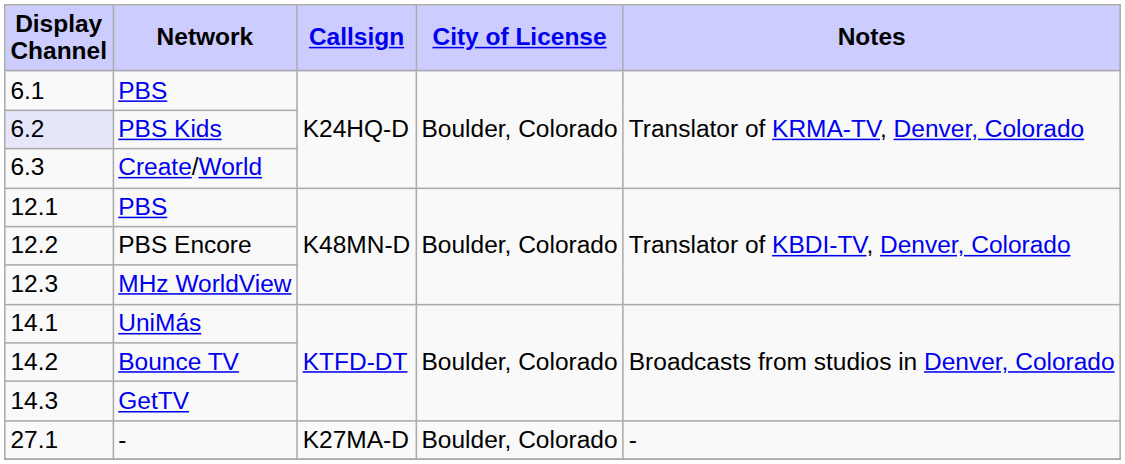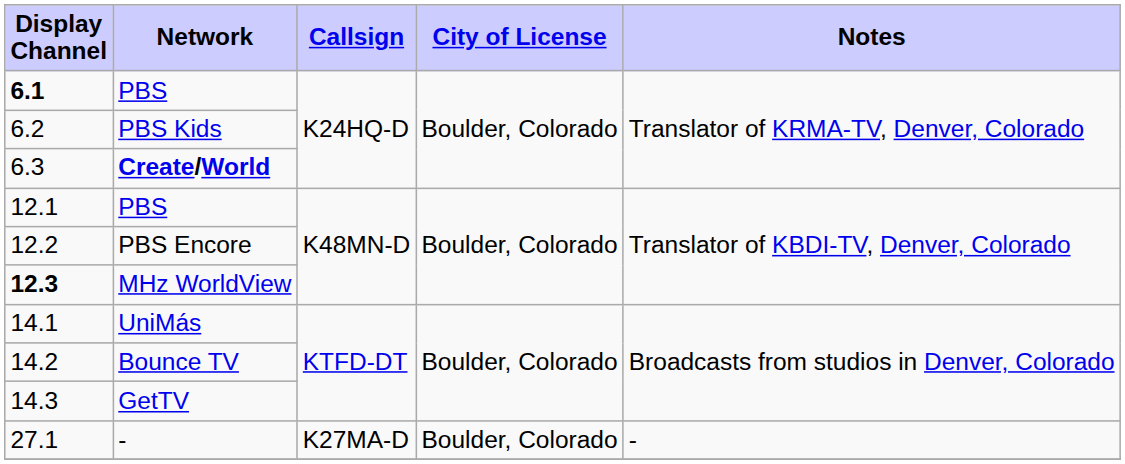 <table class="wikitable" border="1">
 <tr>
 <th style="background:#ccccff;"><strong>Display<br>Channel</strong></th>
 <th style="background:#ccccff;"><strong>Network</strong></th>
 <th style="background:#ccccff;"><strong><a href='#'>Callsign</a></strong></th>
 <th style="background:#ccccff;"><strong><a href='#'>City of License</a></strong></th>
 <th style="background:#ccccff;"><strong>Notes</strong></th>
 </tr>
 <tr>
-<td rowspan=1>6.1</td>
+<td rowspan=1><strong>6.1</strong></td>
 <td rowspan=1><a href='#'>PBS</a></td>
 <td rowspan=3>K24HQ-D</td>
 <td rowspan=3>Boulder, Colorado</td>
 <td rowspan=3>Translator of <a href='#'>KRMA-TV</a>, <a href='#'>Denver, Colorado</a></td>
 </tr>
 <tr>
-<td style="background: lavender;">6.2</td>
+<td>6.2</td>
 <td><a href='#'>PBS Kids</a></td>
 </tr>
 <tr>
 <td>6.3</td>
-<td><a href='#'>Create</a>/<a href='#'>World</a></td>
+<td><strong><a href='#'>Create</a>/<a href='#'>World</a></strong></td>
 </tr>
 <tr>
 <td rowspan=1>12.1</td>
 <td rowspan=1><a href='#'>PBS</a></td>
 <td rowspan=3>K48MN-D</td>
 <td rowspan=3>Boulder, Colorado</td>
 <td rowspan=3>Translator of <a href='#'>KBDI-TV</a>, <a href='#'>Denver, Colorado</a></td>
 </tr>
 <tr>
 <td>12.2</td>
 <td>PBS Encore</td>
 </tr>
 <tr>
-<td>12.3</td>
+<td><strong>12.3</strong></td>
 <td><a href='#'>MHz WorldView</a></td>
 </tr>
 <tr>
 <td rowspan=1>14.1</td>
 <td rowspan=1><a href='#'>UniMás</a></td>
 <td rowspan=3><a href='#'>KTFD-DT</a></td>
 <td rowspan=3>Boulder, Colorado</td>
 <td rowspan=3>Broadcasts from studios in <a href='#'>Denver, Colorado</a></td>
 </tr>
 <tr>
 <td>14.2</td>
 <td><a href='#'>Bounce TV</a></td>
 </tr>
 <tr>
 <td>14.3</td>
 <td><a href='#'>GetTV</a></td>
 </tr>
 <tr>
 <td>27.1</td>
 <td>-</td>
 <td>K27MA-D</td>
 <td>Boulder, Colorado</td>
 <td>-</td>
 </tr>
 <tr>
 </tr>
 </table>
